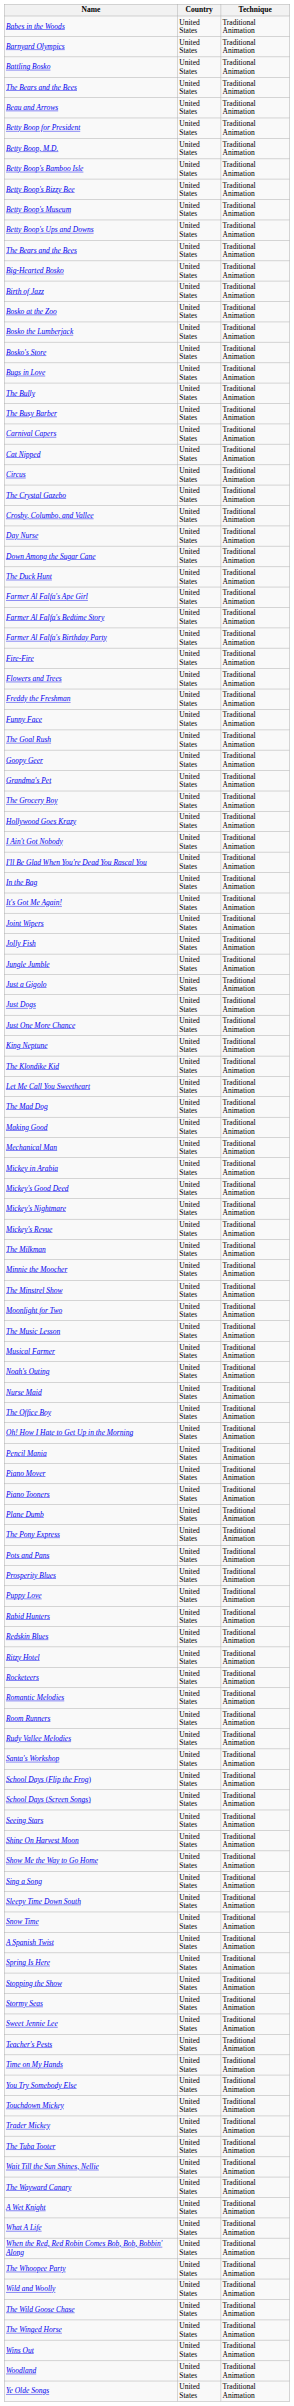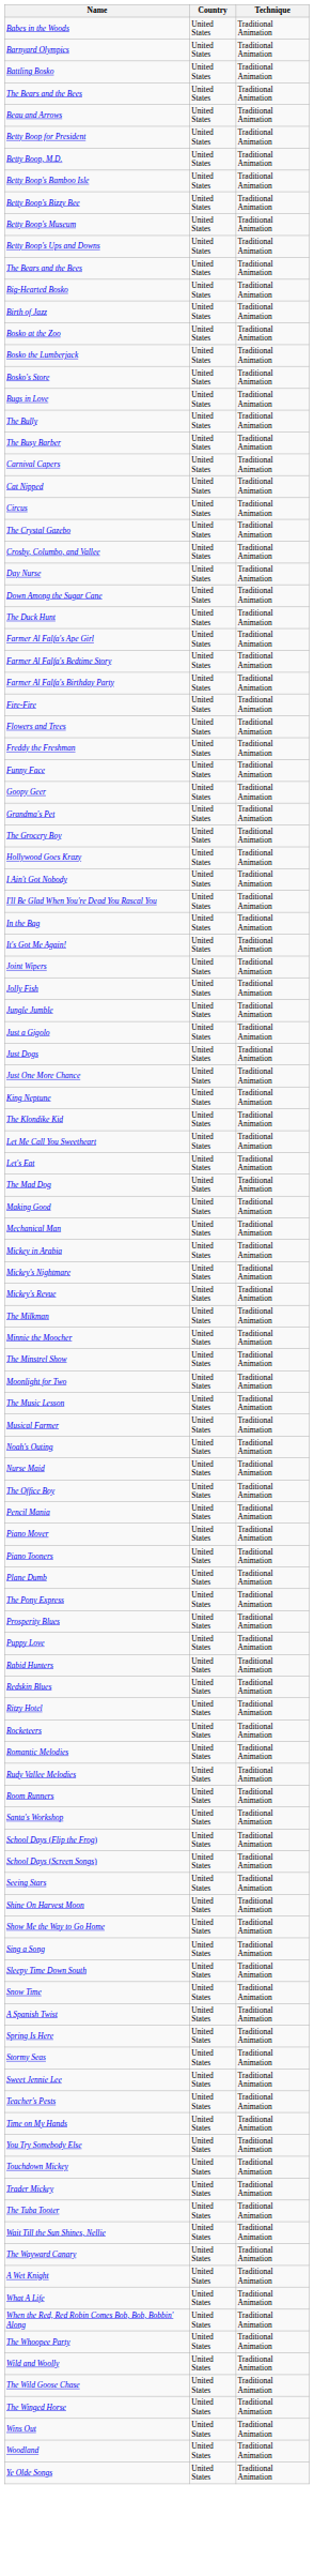 <table class="wikitable sortable">
 <tr>
 <th>Name</th>
 <th>Country</th>
 <th>Technique</th>
 </tr>
 <tr>
 <td><em><a href='#'>Babes in the Woods</a></em></td>
 <td>United States</td>
 <td>Traditional Animation</td>
 </tr>
 <tr>
 <td><em><a href='#'>Barnyard Olympics</a></em></td>
 <td>United States</td>
 <td>Traditional Animation</td>
 </tr>
 <tr>
 <td><em><a href='#'>Battling Bosko</a></em></td>
 <td>United States</td>
 <td>Traditional Animation</td>
 </tr>
 <tr>
 <td><em><a href='#'>The Bears and the Bees</a></em></td>
 <td>United States</td>
 <td>Traditional Animation</td>
 </tr>
 <tr>
 <td><em><a href='#'>Beau and Arrows</a></em></td>
 <td>United States</td>
 <td>Traditional Animation</td>
 </tr>
 <tr>
 <td><em><a href='#'>Betty Boop for President</a></em></td>
 <td>United States</td>
 <td>Traditional Animation</td>
 </tr>
 <tr>
 <td><em><a href='#'>Betty Boop, M.D.</a></em></td>
 <td>United States</td>
 <td>Traditional Animation</td>
 </tr>
 <tr>
 <td><em><a href='#'>Betty Boop's Bamboo Isle</a></em></td>
 <td>United States</td>
 <td>Traditional Animation</td>
 </tr>
 <tr>
 <td><em><a href='#'>Betty Boop's Bizzy Bee</a></em></td>
 <td>United States</td>
 <td>Traditional Animation</td>
 </tr>
 <tr>
 <td><em><a href='#'>Betty Boop's Museum</a></em></td>
 <td>United States</td>
 <td>Traditional Animation</td>
 </tr>
 <tr>
 <td><em><a href='#'>Betty Boop's Ups and Downs</a></em></td>
 <td>United States</td>
 <td>Traditional Animation</td>
 </tr>
 <tr>
 <td><em><a href='#'>The Bears and the Bees</a></em></td>
 <td>United States</td>
 <td>Traditional Animation</td>
 </tr>
 <tr>
 <td><em><a href='#'>Big-Hearted Bosko</a></em></td>
 <td>United States</td>
 <td>Traditional Animation</td>
 </tr>
 <tr>
 <td><em><a href='#'>Birth of Jazz</a></em></td>
 <td>United States</td>
 <td>Traditional Animation</td>
 </tr>
 <tr>
 <td><em><a href='#'>Bosko at the Zoo</a></em></td>
 <td>United States</td>
 <td>Traditional Animation</td>
 </tr>
 <tr>
 <td><em><a href='#'>Bosko the Lumberjack</a></em></td>
 <td>United States</td>
 <td>Traditional Animation</td>
 </tr>
 <tr>
 <td><em><a href='#'>Bosko's Store</a></em></td>
 <td>United States</td>
 <td>Traditional Animation</td>
 </tr>
 <tr>
 <td><em><a href='#'>Bugs in Love</a></em></td>
 <td>United States</td>
 <td>Traditional Animation</td>
 </tr>
 <tr>
 <td><em><a href='#'>The Bully</a></em></td>
 <td>United States</td>
 <td>Traditional Animation</td>
 </tr>
 <tr>
 <td><em><a href='#'>The Busy Barber</a></em></td>
 <td>United States</td>
 <td>Traditional Animation</td>
 </tr>
 <tr>
 <td><em><a href='#'>Carnival Capers</a></em></td>
 <td>United States</td>
 <td>Traditional Animation</td>
 </tr>
 <tr>
 <td><em><a href='#'>Cat Nipped</a></em></td>
 <td>United States</td>
 <td>Traditional Animation</td>
 </tr>
 <tr>
 <td><em><a href='#'>Circus</a></em></td>
 <td>United States</td>
 <td>Traditional Animation</td>
 </tr>
 <tr>
 <td><em><a href='#'>The Crystal Gazebo</a></em></td>
 <td>United States</td>
 <td>Traditional Animation</td>
 </tr>
 <tr>
 <td><em><a href='#'>Crosby, Columbo, and Vallee</a></em></td>
 <td>United States</td>
 <td>Traditional Animation</td>
 </tr>
 <tr>
 <td><em><a href='#'>Day Nurse</a></em></td>
 <td>United States</td>
 <td>Traditional Animation</td>
 </tr>
 <tr>
 <td><em><a href='#'>Down Among the Sugar Cane</a></em></td>
 <td>United States</td>
 <td>Traditional Animation</td>
 </tr>
 <tr>
 <td><em><a href='#'>The Duck Hunt</a></em></td>
 <td>United States</td>
 <td>Traditional Animation</td>
 </tr>
 <tr>
 <td><em><a href='#'>Farmer Al Falfa's Ape Girl</a></em></td>
 <td>United States</td>
 <td>Traditional Animation</td>
 </tr>
 <tr>
 <td><em><a href='#'>Farmer Al Falfa's Bedtime Story</a></em></td>
 <td>United States</td>
 <td>Traditional Animation</td>
 </tr>
 <tr>
 <td><em><a href='#'>Farmer Al Falfa's Birthday Party</a></em></td>
 <td>United States</td>
 <td>Traditional Animation</td>
 </tr>
 <tr>
 <td><em><a href='#'>Fire-Fire</a></em></td>
 <td>United States</td>
 <td>Traditional Animation</td>
 </tr>
 <tr>
 <td><em><a href='#'>Flowers and Trees</a></em></td>
 <td>United States</td>
 <td>Traditional Animation</td>
 </tr>
 <tr>
 <td><em><a href='#'>Freddy the Freshman</a></em></td>
 <td>United States</td>
 <td>Traditional Animation</td>
 </tr>
 <tr>
 <td><em><a href='#'>Funny Face</a></em></td>
 <td>United States</td>
 <td>Traditional Animation</td>
 </tr>
 <tr>
-<td><em><a href='#'>The Goal Rush</a></em></td>
-<td>United States</td>
-<td>Traditional Animation</td>
-</tr>
-<tr>
 <td><em><a href='#'>Goopy Geer</a></em></td>
 <td>United States</td>
 <td>Traditional Animation</td>
 </tr>
 <tr>
 <td><em><a href='#'>Grandma's Pet</a></em></td>
 <td>United States</td>
 <td>Traditional Animation</td>
 </tr>
 <tr>
 <td><em><a href='#'>The Grocery Boy</a></em></td>
 <td>United States</td>
 <td>Traditional Animation</td>
 </tr>
 <tr>
 <td><em><a href='#'>Hollywood Goes Krazy</a></em></td>
 <td>United States</td>
 <td>Traditional Animation</td>
 </tr>
 <tr>
 <td><em><a href='#'>I Ain't Got Nobody</a></em></td>
 <td>United States</td>
 <td>Traditional Animation</td>
 </tr>
 <tr>
 <td><em><a href='#'>I'll Be Glad When You're Dead You Rascal You</a></em></td>
 <td>United States</td>
 <td>Traditional Animation</td>
 </tr>
 <tr>
 <td><em><a href='#'>In the Bag</a></em></td>
 <td>United States</td>
 <td>Traditional Animation</td>
 </tr>
 <tr>
 <td><em><a href='#'>It's Got Me Again!</a></em></td>
 <td>United States</td>
 <td>Traditional Animation</td>
 </tr>
 <tr>
 <td><em><a href='#'>Joint Wipers</a></em></td>
 <td>United States</td>
 <td>Traditional Animation</td>
 </tr>
 <tr>
 <td><em><a href='#'>Jolly Fish</a></em></td>
 <td>United States</td>
 <td>Traditional Animation</td>
 </tr>
 <tr>
 <td><em><a href='#'>Jungle Jumble</a></em></td>
 <td>United States</td>
 <td>Traditional Animation</td>
 </tr>
 <tr>
 <td><em><a href='#'>Just a Gigolo</a></em></td>
 <td>United States</td>
 <td>Traditional Animation</td>
 </tr>
 <tr>
 <td><em><a href='#'>Just Dogs</a></em></td>
 <td>United States</td>
 <td>Traditional Animation</td>
 </tr>
 <tr>
 <td><em><a href='#'>Just One More Chance</a></em></td>
 <td>United States</td>
 <td>Traditional Animation</td>
 </tr>
 <tr>
 <td><em><a href='#'>King Neptune</a></em></td>
 <td>United States</td>
 <td>Traditional Animation</td>
 </tr>
 <tr>
 <td><em><a href='#'>The Klondike Kid</a></em></td>
 <td>United States</td>
 <td>Traditional Animation</td>
 </tr>
 <tr>
 <td><em><a href='#'>Let Me Call You Sweetheart</a></em></td>
 <td>United States</td>
 <td>Traditional Animation</td>
 </tr>
 <tr>
+<td><em><a href='#'>Let's Eat</a></em></td>
+<td>United States</td>
+<td>Traditional Animation</td>
+</tr>
+<tr>
 <td><em><a href='#'>The Mad Dog</a></em></td>
 <td>United States</td>
 <td>Traditional Animation</td>
 </tr>
 <tr>
 <td><em><a href='#'>Making Good</a></em></td>
 <td>United States</td>
 <td>Traditional Animation</td>
 </tr>
 <tr>
 <td><em><a href='#'>Mechanical Man</a></em></td>
 <td>United States</td>
 <td>Traditional Animation</td>
 </tr>
 <tr>
 <td><em><a href='#'>Mickey in Arabia</a></em></td>
-<td>United States</td>
-<td>Traditional Animation</td>
-</tr>
-<tr>
-<td><em><a href='#'>Mickey's Good Deed</a></em></td>
 <td>United States</td>
 <td>Traditional Animation</td>
 </tr>
 <tr>
 <td><em><a href='#'>Mickey's Nightmare</a></em></td>
 <td>United States</td>
 <td>Traditional Animation</td>
 </tr>
 <tr>
 <td><em><a href='#'>Mickey's Revue</a></em></td>
 <td>United States</td>
 <td>Traditional Animation</td>
 </tr>
 <tr>
 <td><em><a href='#'>The Milkman</a></em></td>
 <td>United States</td>
 <td>Traditional Animation</td>
 </tr>
 <tr>
 <td><em><a href='#'>Minnie the Moocher</a></em></td>
 <td>United States</td>
 <td>Traditional Animation</td>
 </tr>
 <tr>
 <td><em><a href='#'>The Minstrel Show</a></em></td>
 <td>United States</td>
 <td>Traditional Animation</td>
 </tr>
 <tr>
 <td><em><a href='#'>Moonlight for Two</a></em></td>
 <td>United States</td>
 <td>Traditional Animation</td>
 </tr>
 <tr>
 <td><em><a href='#'>The Music Lesson</a></em></td>
 <td>United States</td>
 <td>Traditional Animation</td>
 </tr>
 <tr>
 <td><em><a href='#'>Musical Farmer</a></em></td>
 <td>United States</td>
 <td>Traditional Animation</td>
 </tr>
 <tr>
 <td><em><a href='#'>Noah's Outing</a></em></td>
 <td>United States</td>
 <td>Traditional Animation</td>
 </tr>
 <tr>
 <td><em><a href='#'>Nurse Maid</a></em></td>
 <td>United States</td>
 <td>Traditional Animation</td>
 </tr>
 <tr>
 <td><em><a href='#'>The Office Boy</a></em></td>
 <td>United States</td>
 <td>Traditional Animation</td>
 </tr>
 <tr>
-<td><em><a href='#'>Oh! How I Hate to Get Up in the Morning</a></em></td>
-<td>United States</td>
-<td>Traditional Animation</td>
-</tr>
-<tr>
 <td><em><a href='#'>Pencil Mania</a></em></td>
 <td>United States</td>
 <td>Traditional Animation</td>
 </tr>
 <tr>
 <td><em><a href='#'>Piano Mover</a></em></td>
 <td>United States</td>
 <td>Traditional Animation</td>
 </tr>
 <tr>
 <td><em><a href='#'>Piano Tooners</a></em></td>
 <td>United States</td>
 <td>Traditional Animation</td>
 </tr>
 <tr>
 <td><em><a href='#'>Plane Dumb</a></em></td>
 <td>United States</td>
 <td>Traditional Animation</td>
 </tr>
 <tr>
 <td><em><a href='#'>The Pony Express</a></em></td>
-<td>United States</td>
-<td>Traditional Animation</td>
-</tr>
-<tr>
-<td><em><a href='#'>Pots and Pans</a></em></td>
 <td>United States</td>
 <td>Traditional Animation</td>
 </tr>
 <tr>
 <td><em><a href='#'>Prosperity Blues</a></em></td>
 <td>United States</td>
 <td>Traditional Animation</td>
 </tr>
 <tr>
 <td><em><a href='#'>Puppy Love</a></em></td>
 <td>United States</td>
 <td>Traditional Animation</td>
 </tr>
 <tr>
 <td><em><a href='#'>Rabid Hunters</a></em></td>
 <td>United States</td>
 <td>Traditional Animation</td>
 </tr>
 <tr>
 <td><em><a href='#'>Redskin Blues</a></em></td>
 <td>United States</td>
 <td>Traditional Animation</td>
 </tr>
 <tr>
 <td><em><a href='#'>Ritzy Hotel</a></em></td>
 <td>United States</td>
 <td>Traditional Animation</td>
 </tr>
 <tr>
 <td><em><a href='#'>Rocketeers</a></em></td>
 <td>United States</td>
 <td>Traditional Animation</td>
 </tr>
 <tr>
 <td><em><a href='#'>Romantic Melodies</a></em></td>
 <td>United States</td>
 <td>Traditional Animation</td>
 </tr>
 <tr>
-<td><em><a href='#'>Room Runners</a></em></td>
+<td><em><a href='#'>Rudy Vallee Melodies</a></em></td>
 <td>United States</td>
 <td>Traditional Animation</td>
 </tr>
 <tr>
-<td><em><a href='#'>Rudy Vallee Melodies</a></em></td>
+<td><em><a href='#'>Room Runners</a></em></td>
 <td>United States</td>
 <td>Traditional Animation</td>
 </tr>
 <tr>
 <td><em><a href='#'>Santa's Workshop</a></em></td>
 <td>United States</td>
 <td>Traditional Animation</td>
 </tr>
 <tr>
 <td><a href='#'><em>School Days</em> (<em>Flip the Frog</em>)</a></td>
 <td>United States</td>
 <td>Traditional Animation</td>
 </tr>
 <tr>
 <td><a href='#'><em>School Days</em> (<em>Screen Songs</em>)</a></td>
 <td>United States</td>
 <td>Traditional Animation</td>
 </tr>
 <tr>
 <td><em><a href='#'>Seeing Stars</a></em></td>
 <td>United States</td>
 <td>Traditional Animation</td>
 </tr>
 <tr>
 <td><em><a href='#'>Shine On Harvest Moon</a></em></td>
 <td>United States</td>
 <td>Traditional Animation</td>
 </tr>
 <tr>
 <td><em><a href='#'>Show Me the Way to Go Home</a></em></td>
 <td>United States</td>
 <td>Traditional Animation</td>
 </tr>
 <tr>
 <td><em><a href='#'>Sing a Song</a></em></td>
 <td>United States</td>
 <td>Traditional Animation</td>
 </tr>
 <tr>
 <td><em><a href='#'>Sleepy Time Down South</a></em></td>
 <td>United States</td>
 <td>Traditional Animation</td>
 </tr>
 <tr>
 <td><em><a href='#'>Snow Time</a></em></td>
 <td>United States</td>
 <td>Traditional Animation</td>
 </tr>
 <tr>
 <td><em><a href='#'>A Spanish Twist</a></em></td>
 <td>United States</td>
 <td>Traditional Animation</td>
 </tr>
 <tr>
 <td><em><a href='#'>Spring Is Here</a></em></td>
-<td>United States</td>
-<td>Traditional Animation</td>
-</tr>
-<tr>
-<td><em><a href='#'>Stopping the Show</a></em></td>
 <td>United States</td>
 <td>Traditional Animation</td>
 </tr>
 <tr>
 <td><em><a href='#'>Stormy Seas</a></em></td>
 <td>United States</td>
 <td>Traditional Animation</td>
 </tr>
 <tr>
 <td><em><a href='#'>Sweet Jennie Lee</a></em></td>
 <td>United States</td>
 <td>Traditional Animation</td>
 </tr>
 <tr>
 <td><em><a href='#'>Teacher's Pests</a></em></td>
 <td>United States</td>
 <td>Traditional Animation</td>
 </tr>
 <tr>
 <td><em><a href='#'>Time on My Hands</a></em></td>
 <td>United States</td>
 <td>Traditional Animation</td>
 </tr>
 <tr>
 <td><em><a href='#'>You Try Somebody Else</a></em></td>
 <td>United States</td>
 <td>Traditional Animation</td>
 </tr>
 <tr>
 <td><em><a href='#'>Touchdown Mickey</a></em></td>
 <td>United States</td>
 <td>Traditional Animation</td>
 </tr>
 <tr>
 <td><em><a href='#'>Trader Mickey</a></em></td>
 <td>United States</td>
 <td>Traditional Animation</td>
 </tr>
 <tr>
 <td><em><a href='#'>The Tuba Tooter</a></em></td>
 <td>United States</td>
 <td>Traditional Animation</td>
 </tr>
 <tr>
 <td><em><a href='#'>Wait Till the Sun Shines, Nellie</a></em></td>
 <td>United States</td>
 <td>Traditional Animation</td>
 </tr>
 <tr>
 <td><em><a href='#'>The Wayward Canary</a></em></td>
 <td>United States</td>
 <td>Traditional Animation</td>
 </tr>
 <tr>
 <td><em><a href='#'>A Wet Knight</a></em></td>
 <td>United States</td>
 <td>Traditional Animation</td>
 </tr>
 <tr>
 <td><em><a href='#'>What A Life</a></em></td>
 <td>United States</td>
 <td>Traditional Animation</td>
 </tr>
 <tr>
 <td><em><a href='#'>When the Red, Red Robin Comes Bob, Bob, Bobbin' Along</a></em></td>
 <td>United States</td>
 <td>Traditional Animation</td>
 </tr>
 <tr>
 <td><em><a href='#'>The Whoopee Party</a></em></td>
 <td>United States</td>
 <td>Traditional Animation</td>
 </tr>
 <tr>
 <td><em><a href='#'>Wild and Woolly</a></em></td>
 <td>United States</td>
 <td>Traditional Animation</td>
 </tr>
 <tr>
 <td><em><a href='#'>The Wild Goose Chase</a></em></td>
 <td>United States</td>
 <td>Traditional Animation</td>
 </tr>
 <tr>
 <td><em><a href='#'>The Winged Horse</a></em></td>
 <td>United States</td>
 <td>Traditional Animation</td>
 </tr>
 <tr>
 <td><em><a href='#'>Wins Out</a></em></td>
 <td>United States</td>
 <td>Traditional Animation</td>
 </tr>
 <tr>
 <td><em><a href='#'>Woodland</a></em></td>
 <td>United States</td>
 <td>Traditional Animation</td>
 </tr>
 <tr>
 <td><em><a href='#'>Ye Olde Songs</a></em></td>
 <td>United States</td>
 <td>Traditional Animation</td>
 </tr>
 </table>
